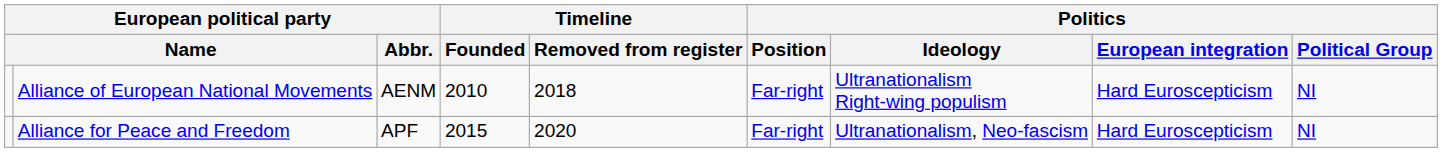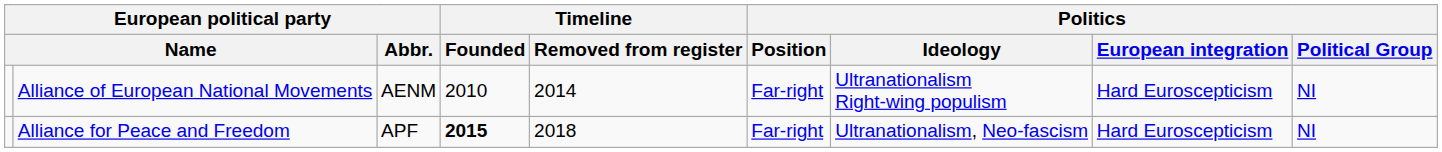 <table class="wikitable centre sortable">
 <tr>
 <th colspan="3">European political party</th>
 <th colspan="2">Timeline</th>
 <th colspan="4">Politics</th>
 </tr>
 <tr>
 <th colspan="2">Name</th>
 <th>Abbr.</th>
 <th>Founded</th>
 <th>Removed from register</th>
 <th>Position</th>
 <th>Ideology</th>
 <th><a href='#'>European integration</a></th>
 <th><a href='#'>Political Group</a></th>
 </tr>
 <tr>
 <td></td>
 <td><a href='#'>Alliance of European National Movements</a></td>
 <td>AENM</td>
 <td>2010</td>
-<td>2018</td>
+<td>2014</td>
 <td><a href='#'>Far-right</a></td>
 <td><a href='#'>Ultranationalism</a> <br> <a href='#'>Right-wing populism</a></td>
 <td><a href='#'>Hard Euroscepticism</a></td>
 <td><a href='#'>NI</a></td>
 </tr>
 <tr>
 <td></td>
 <td><a href='#'>Alliance for Peace and Freedom</a></td>
 <td>APF</td>
-<td>2015</td>
-<td>2020</td>
+<td><strong>2015</strong></td>
+<td>2018</td>
 <td><a href='#'>Far-right</a></td>
 <td><a href='#'>Ultranationalism</a>, <a href='#'>Neo-fascism</a></td>
 <td><a href='#'>Hard Euroscepticism</a></td>
 <td><a href='#'>NI</a></td>
 </tr>
 </table>
